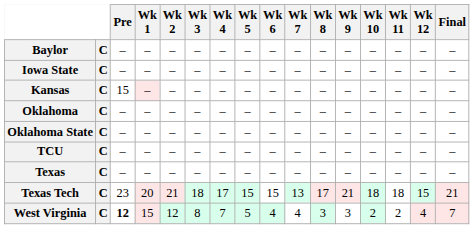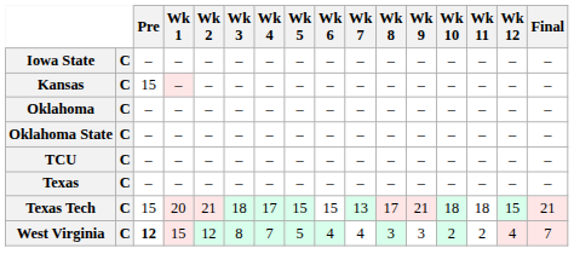 <table class="wikitable" style="white-space:nowrap;font-size:90%;">
 <tr>
 <th colspan=2 style="background:white; border-top-style:hidden; border-left-style:hidden;"> </th>
 <th>Pre</th>
 <th>Wk<br>1</th>
 <th>Wk<br>2</th>
 <th>Wk<br>3</th>
 <th>Wk<br>4</th>
 <th>Wk<br>5</th>
 <th>Wk<br>6</th>
 <th>Wk<br>7</th>
 <th>Wk<br>8</th>
 <th>Wk<br>9</th>
 <th>Wk<br>10</th>
 <th>Wk<br>11</th>
 <th>Wk<br>12</th>
 <th>Final</th>
-</tr>
-<tr style="text-align:center;">
-<th style="background:#">Baylor</th>
-<th>C</th>
-<td style="background:#FFF;"> –</td>
-<td style="background:#FFF;"> –</td>
-<td style="background:#FFF;"> –</td>
-<td style="background:#FFF;"> –</td>
-<td style="background:#FFF;"> –</td>
-<td style="background:#FFF;"> –</td>
-<td style="background:#FFF;"> –</td>
-<td style="background:#FFF;"> –</td>
-<td style="background:#FFF;"> –</td>
-<td style="background:#FFF;"> –</td>
-<td style="background:#FFF;"> –</td>
-<td style="background:#FFF;"> –</td>
-<td style="background:#FFF;"> –</td>
-<td style="background:#FFF;"> –</td>
 </tr>
 <tr style="text-align:center;">
 <th style="background:#">Iowa State</th>
 <th>C</th>
 <td style="background:#FFF;"> –</td>
 <td style="background:#FFF;"> –</td>
 <td style="background:#FFF;"> –</td>
 <td style="background:#FFF;"> –</td>
 <td style="background:#FFF;"> –</td>
 <td style="background:#FFF;"> –</td>
 <td style="background:#FFF;"> –</td>
 <td style="background:#FFF;"> –</td>
 <td style="background:#FFF;"> –</td>
 <td style="background:#FFF;"> –</td>
 <td style="background:#FFF;"> –</td>
 <td style="background:#FFF;"> –</td>
 <td style="background:#FFF;"> –</td>
 <td style="background:#FFF;"> –</td>
 </tr>
 <tr style="text-align:center;">
 <th style="background:#">Kansas</th>
 <th>C</th>
 <td style="background:#FFF;"> 15</td>
 <td style="background:#FFE6E6;"> –</td>
 <td style="background:#FFF;"> –</td>
 <td style="background:#FFF;"> –</td>
 <td style="background:#FFF;"> –</td>
 <td style="background:#FFF;"> –</td>
 <td style="background:#FFF;"> –</td>
 <td style="background:#FFF;"> –</td>
 <td style="background:#FFF;"> –</td>
 <td style="background:#FFF;"> –</td>
 <td style="background:#FFF;"> –</td>
 <td style="background:#FFF;"> –</td>
 <td style="background:#FFF;"> –</td>
 <td style="background:#FFF;"> –</td>
 </tr>
 <tr style="text-align:center;">
 <th style="background:#">Oklahoma</th>
 <th>C</th>
 <td style="background:#FFF;"> –</td>
 <td style="background:#FFF;"> –</td>
 <td style="background:#FFF;"> –</td>
 <td style="background:#FFF;"> –</td>
 <td style="background:#FFF;"> –</td>
 <td style="background:#FFF;"> –</td>
 <td style="background:#FFF;"> –</td>
 <td style="background:#FFF;"> –</td>
 <td style="background:#FFF;"> –</td>
 <td style="background:#FFF;"> –</td>
 <td style="background:#FFF;"> –</td>
 <td style="background:#FFF;"> –</td>
 <td style="background:#FFF;"> –</td>
 <td style="background:#FFF;"> –</td>
 </tr>
 <tr style="text-align:center;">
 <th style="background:#">Oklahoma State</th>
 <th>C</th>
 <td style="background:#FFF;"> –</td>
 <td style="background:#FFF;"> –</td>
 <td style="background:#FFF;"> –</td>
 <td style="background:#FFF;"> –</td>
 <td style="background:#FFF;"> –</td>
 <td style="background:#FFF;"> –</td>
 <td style="background:#FFF;"> –</td>
 <td style="background:#FFF;"> –</td>
 <td style="background:#FFF;"> –</td>
 <td style="background:#FFF;"> –</td>
 <td style="background:#FFF;"> –</td>
 <td style="background:#FFF;"> –</td>
 <td style="background:#FFF;"> –</td>
 <td style="background:#FFF;"> –</td>
 </tr>
 <tr style="text-align:center;">
 <th style="background:#">TCU</th>
 <th>C</th>
 <td style="background:#FFF;"> –</td>
 <td style="background:#FFF;"> –</td>
 <td style="background:#FFF;"> –</td>
 <td style="background:#FFF;"> –</td>
 <td style="background:#FFF;"> –</td>
 <td style="background:#FFF;"> –</td>
 <td style="background:#FFF;"> –</td>
 <td style="background:#FFF;"> –</td>
 <td style="background:#FFF;"> –</td>
 <td style="background:#FFF;"> –</td>
 <td style="background:#FFF;"> –</td>
 <td style="background:#FFF;"> –</td>
 <td style="background:#FFF;"> –</td>
 <td style="background:#FFF;"> –</td>
 </tr>
 <tr style="text-align:center;">
 <th style="background:#">Texas</th>
 <th>C</th>
 <td style="background:#FFF;"> –</td>
 <td style="background:#FFF;"> –</td>
 <td style="background:#FFF;"> –</td>
 <td style="background:#FFF;"> –</td>
 <td style="background:#FFF;"> –</td>
 <td style="background:#FFF;"> –</td>
 <td style="background:#FFF;"> –</td>
 <td style="background:#FFF;"> –</td>
 <td style="background:#FFF;"> –</td>
 <td style="background:#FFF;"> –</td>
 <td style="background:#FFF;"> –</td>
 <td style="background:#FFF;"> –</td>
 <td style="background:#FFF;"> –</td>
 <td style="background:#FFF;"> –</td>
 </tr>
 <tr style="text-align:center;">
 <th style="background:#">Texas Tech</th>
 <th>C</th>
-<td style="background:#FFF"> 23</td>
+<td style="background:#FFF;"> 15</td>
 <td style="background:#FFE6E6;"> 20</td>
 <td style="background:#FFE6E6;"> 21</td>
 <td style="background:#D8FFEB;"> 18</td>
 <td style="background:#D8FFEB;"> 17</td>
 <td style="background:#D8FFEB;"> 15</td>
 <td style="background:#FFF;"> 15</td>
 <td style="background:#D8FFEB;"> 13</td>
 <td style="background:#FFE6E6;"> 17</td>
 <td style="background:#FFE6E6;"> 21</td>
 <td style="background:#D8FFEB;"> 18</td>
 <td style="background:#FFF;"> 18</td>
 <td style="background:#D8FFEB;"> 15</td>
 <td style="background:#FFE6E6;"> 21</td>
 </tr>
 <tr style="text-align:center;">
 <th style="background:#">West Virginia</th>
 <th>C</th>
 <td style="background:#FFF;"><strong> 12</strong></td>
 <td style="background:#FFE6E6;"> 15</td>
 <td style="background:#D8FFEB;"> 12</td>
 <td style="background:#D8FFEB;"> 8</td>
 <td style="background:#D8FFEB;"> 7</td>
 <td style="background:#D8FFEB;"> 5</td>
 <td style="background:#D8FFEB;"> 4</td>
 <td style="background:#FFF;"> 4</td>
 <td style="background:#D8FFEB;"> 3</td>
 <td style="background:#FFF;"> 3</td>
 <td style="background:#D8FFEB;"> 2</td>
 <td style="background:#FFF;"> 2</td>
 <td style="background:#FFE6E6;"> 4</td>
 <td style="background:#FFE6E6;"> 7</td>
 </tr>
 </table>
